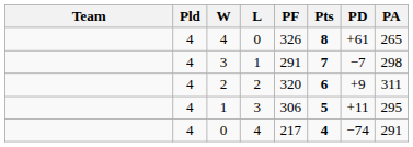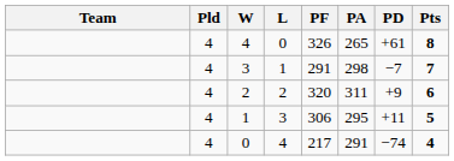 <table class=wikitable style="text-align:center">
 <tr>
 <th width=180>Team</th>
 <th width=30>Pld</th>
 <th width=30>W</th>
 <th width=30>L</th>
 <th width=30>PF</th>
+<th width=30>PA</th>
+<th width=30>PD</th>
 <th width=30>Pts</th>
-<th width=30>PD</th>
-<th width=30>PA</th>
 </tr>
 <tr>
 <td align=left></td>
 <td>4</td>
 <td>4</td>
 <td>0</td>
 <td>326</td>
+<td>265</td>
+<td>+61</td>
 <td><strong>8</strong></td>
-<td>+61</td>
-<td>265</td>
 </tr>
 <tr>
 <td align=left></td>
 <td>4</td>
 <td>3</td>
 <td>1</td>
 <td>291</td>
+<td>298</td>
+<td>−7</td>
 <td><strong>7</strong></td>
-<td>−7</td>
-<td>298</td>
 </tr>
 <tr>
 <td align=left></td>
 <td>4</td>
 <td>2</td>
 <td>2</td>
 <td>320</td>
+<td>311</td>
+<td>+9</td>
 <td><strong>6</strong></td>
-<td>+9</td>
-<td>311</td>
 </tr>
 <tr>
 <td align=left></td>
 <td>4</td>
 <td>1</td>
 <td>3</td>
 <td>306</td>
+<td>295</td>
+<td>+11</td>
 <td><strong>5</strong></td>
-<td>+11</td>
-<td>295</td>
 </tr>
 <tr>
 <td align=left></td>
 <td>4</td>
 <td>0</td>
 <td>4</td>
 <td>217</td>
+<td>291</td>
+<td>−74</td>
 <td><strong>4</strong></td>
-<td>−74</td>
-<td>291</td>
 </tr>
 </table>
